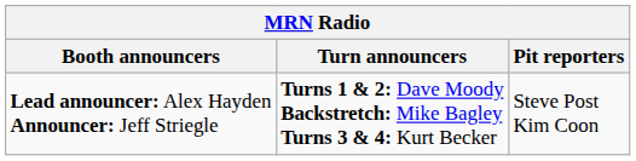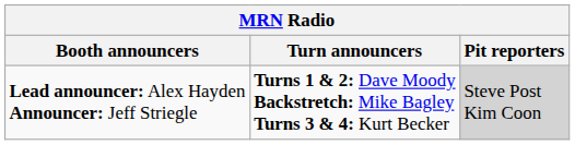 <table class="wikitable" style="font-size: 95%">
 <tr>
 <th colspan="3"><a href='#'>MRN</a> Radio</th>
 </tr>
 <tr>
 <th>Booth announcers</th>
 <th>Turn announcers</th>
 <th>Pit reporters</th>
 </tr>
 <tr>
 <td><strong>Lead announcer:</strong> Alex Hayden<br><strong>Announcer:</strong> Jeff Striegle</td>
 <td><strong>Turns 1 & 2:</strong> <a href='#'>Dave Moody</a><br><strong>Backstretch:</strong> <a href='#'>Mike Bagley</a><br><strong>Turns 3 & 4:</strong> Kurt Becker</td>
-<td>Steve Post<br>Kim Coon</td>
+<td style="background: lightgrey;">Steve Post<br>Kim Coon</td>
 </tr>
 </table>
